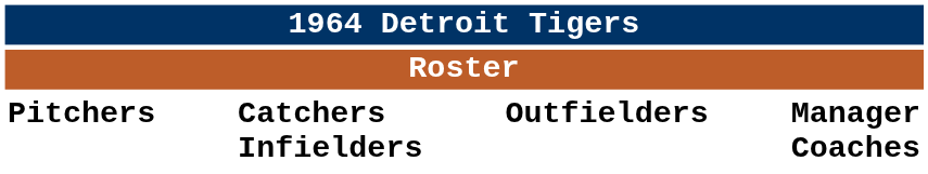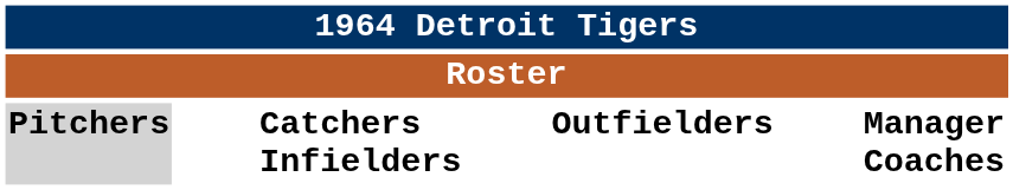 <table class="toccolours" style="font-size: 95%;">
 <tr>
 <th colspan="10" style="background-color: #003366; color: white; text-align: center;">1964 Detroit Tigers</th>
 </tr>
 <tr>
 <td colspan="10" style="background-color: #bd5d29; color: white; text-align: center;"><strong>Roster</strong></td>
 </tr>
 <tr>
-<td valign="top"><strong>Pitchers</strong><br>                 </td>
+<td valign="top" style="background: lightgrey;"><strong>Pitchers</strong><br>                 </td>
 <td width="25px"></td>
 <td valign="top"><strong>Catchers</strong><br>   <strong>Infielders</strong>        </td>
 <td width="25px"></td>
 <td valign="top"><strong>Outfielders</strong><br>       </td>
 <td width="25px"></td>
 <td valign="top"><strong>Manager</strong><br> <strong>Coaches</strong>    </td>
 </tr>
 </table>
